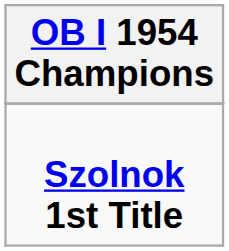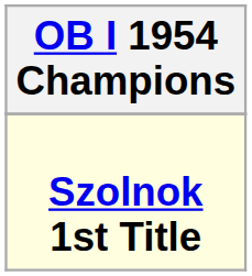 <table class="wikitable" style="text-align: center; margin: 0 auto;">
 <tr>
 <th><a href='#'>OB I</a> 1954<br>Champions</th>
 </tr>
 <tr>
 </tr>
 <tr>
-<td><br><strong><a href='#'>Szolnok</a></strong><br><strong>1st Title</strong></td>
+<td style="background: lightyellow;"><br><strong><a href='#'>Szolnok</a></strong><br><strong>1st Title</strong></td>
 </tr>
 </table>
